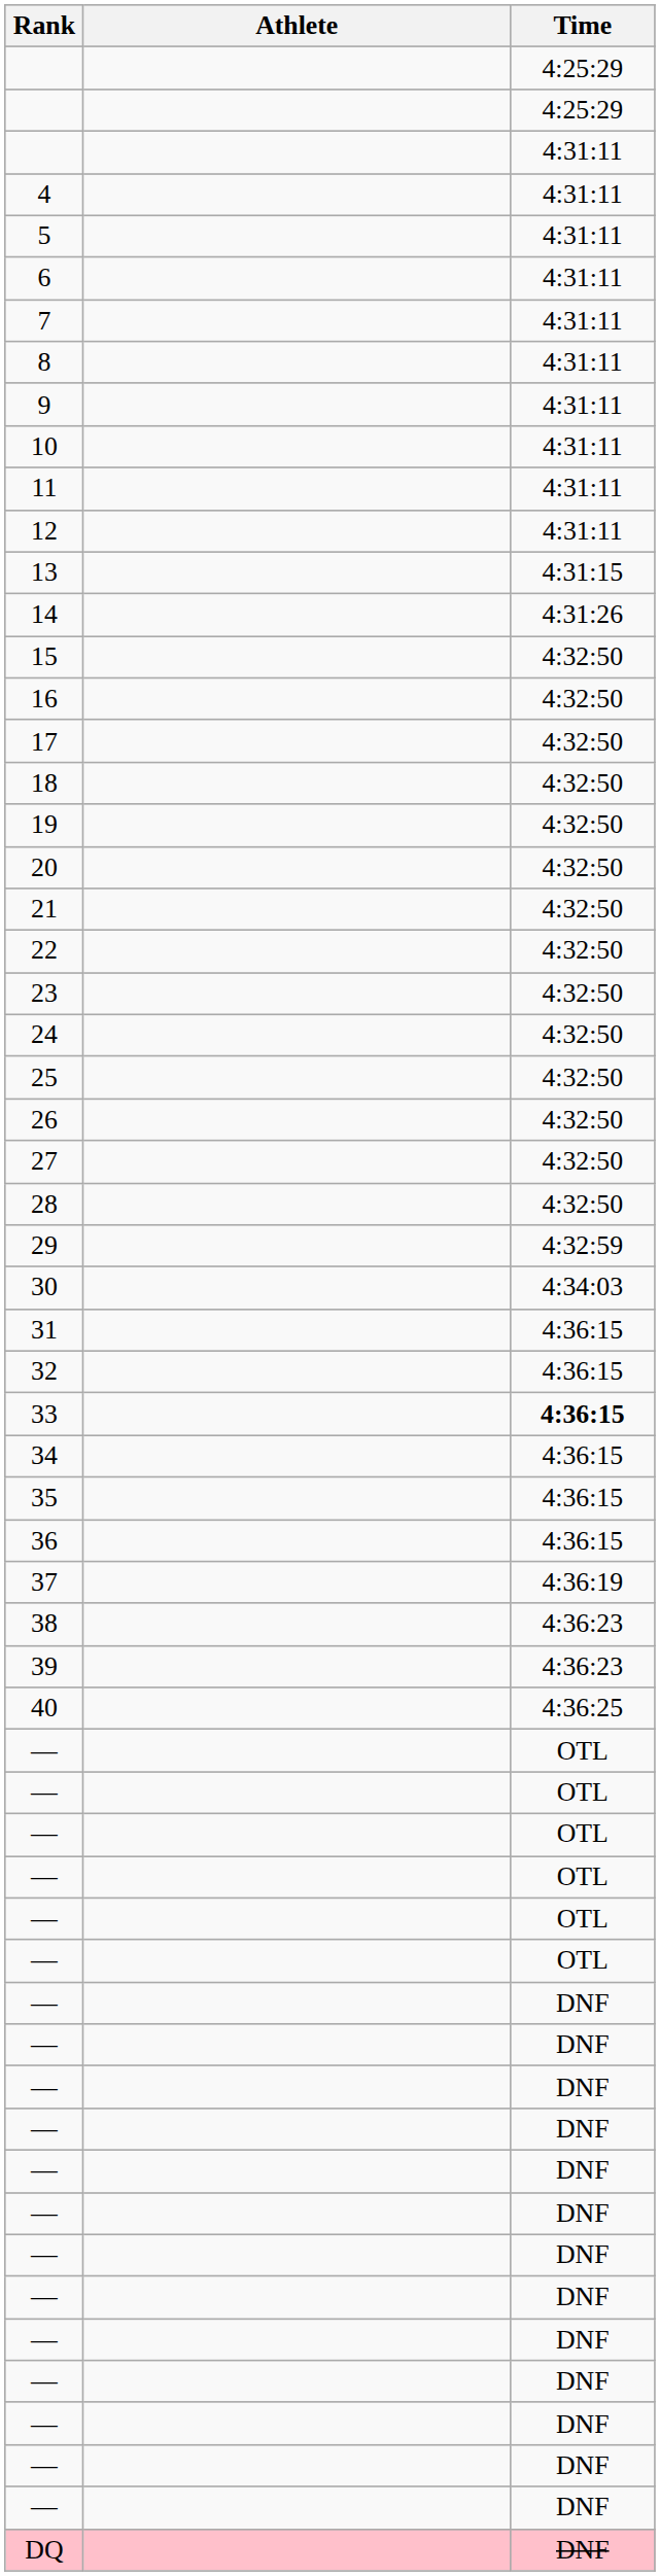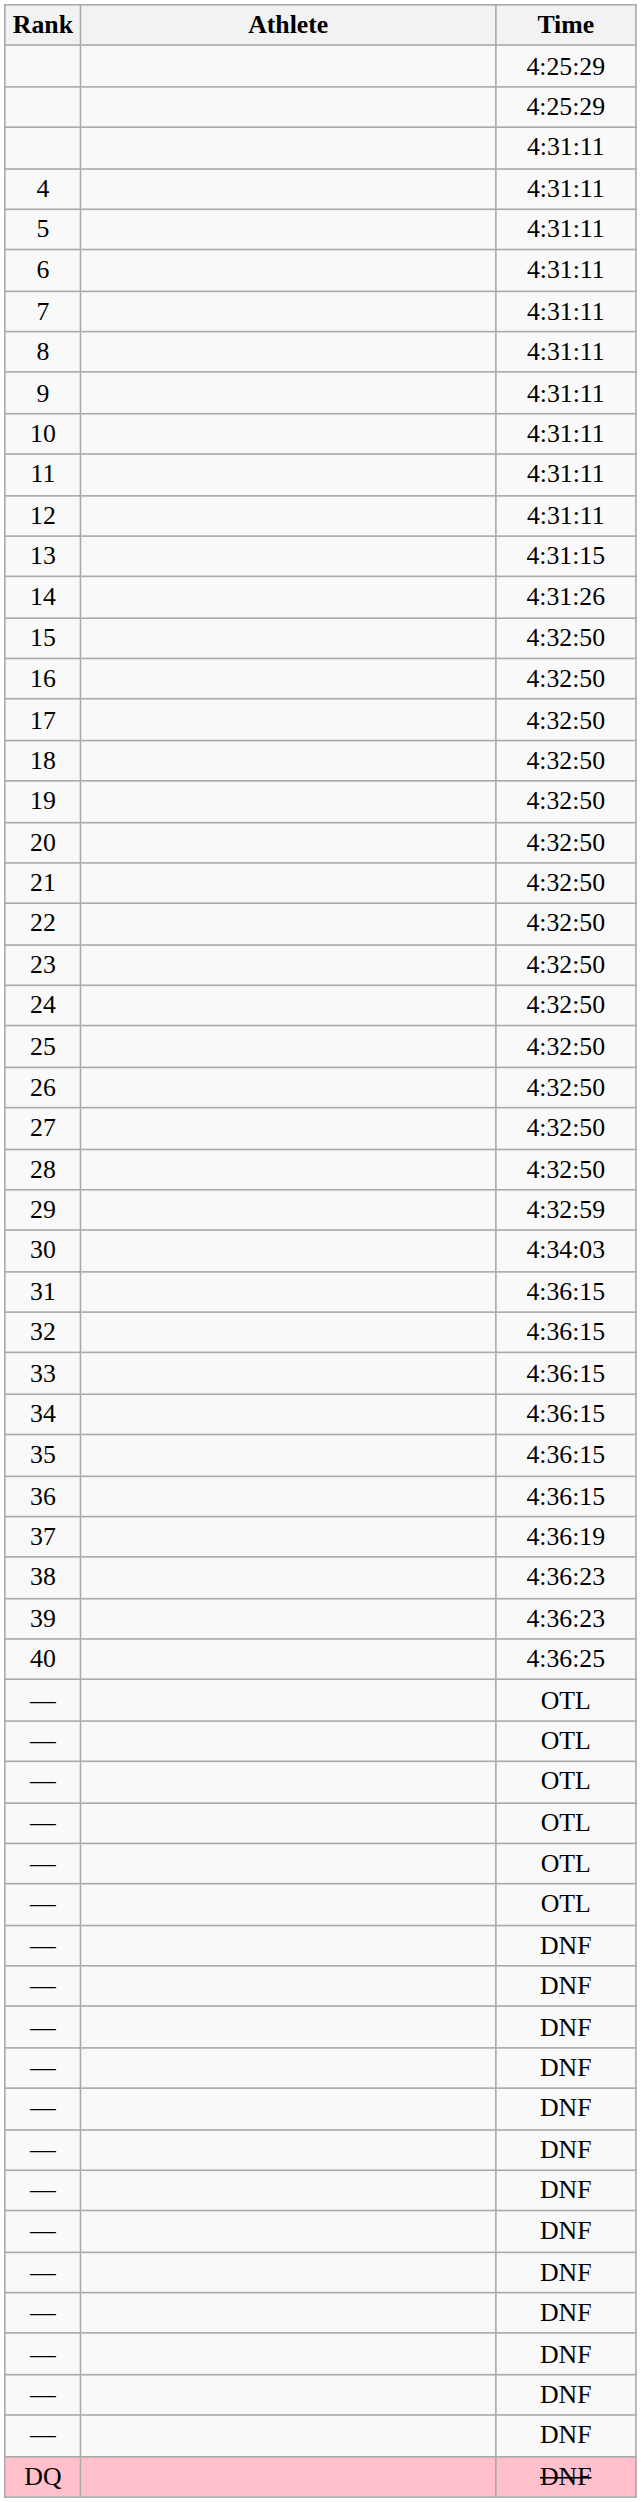 <table class=wikitable sortable| style="text-align:center">
 <tr>
 <th width=40>Rank</th>
 <th width=250>Athlete</th>
 <th width=80>Time</th>
 </tr>
 <tr>
 <td></td>
 <td align=left></td>
 <td>4:25:29</td>
 </tr>
 <tr>
 <td></td>
 <td align=left></td>
 <td>4:25:29</td>
 </tr>
 <tr>
 <td></td>
 <td align=left></td>
 <td>4:31:11</td>
 </tr>
 <tr>
 <td>4</td>
 <td align=left></td>
 <td>4:31:11</td>
 </tr>
 <tr>
 <td>5</td>
 <td align=left></td>
 <td>4:31:11</td>
 </tr>
 <tr>
 <td>6</td>
 <td align=left></td>
 <td>4:31:11</td>
 </tr>
 <tr>
 <td>7</td>
 <td align=left></td>
 <td>4:31:11</td>
 </tr>
 <tr>
 <td>8</td>
 <td align=left></td>
 <td>4:31:11</td>
 </tr>
 <tr>
 <td>9</td>
 <td align=left></td>
 <td>4:31:11</td>
 </tr>
 <tr>
 <td>10</td>
 <td align=left></td>
 <td>4:31:11</td>
 </tr>
 <tr>
 <td>11</td>
 <td align=left></td>
 <td>4:31:11</td>
 </tr>
 <tr>
 <td>12</td>
 <td align=left></td>
 <td>4:31:11</td>
 </tr>
 <tr>
 <td>13</td>
 <td align=left></td>
 <td>4:31:15</td>
 </tr>
 <tr>
 <td>14</td>
 <td align=left></td>
 <td>4:31:26</td>
 </tr>
 <tr>
 <td>15</td>
 <td align=left></td>
 <td>4:32:50</td>
 </tr>
 <tr>
 <td>16</td>
 <td align=left></td>
 <td>4:32:50</td>
 </tr>
 <tr>
 <td>17</td>
 <td align=left></td>
 <td>4:32:50</td>
 </tr>
 <tr>
 <td>18</td>
 <td align=left></td>
 <td>4:32:50</td>
 </tr>
 <tr>
 <td>19</td>
 <td align=left></td>
 <td>4:32:50</td>
 </tr>
 <tr>
 <td>20</td>
 <td align=left></td>
 <td>4:32:50</td>
 </tr>
 <tr>
 <td>21</td>
 <td align=left></td>
 <td>4:32:50</td>
 </tr>
 <tr>
 <td>22</td>
 <td align=left></td>
 <td>4:32:50</td>
 </tr>
 <tr>
 <td>23</td>
 <td align=left></td>
 <td>4:32:50</td>
 </tr>
 <tr>
 <td>24</td>
 <td align=left></td>
 <td>4:32:50</td>
 </tr>
 <tr>
 <td>25</td>
 <td align=left></td>
 <td>4:32:50</td>
 </tr>
 <tr>
 <td>26</td>
 <td align=left></td>
 <td>4:32:50</td>
 </tr>
 <tr>
 <td>27</td>
 <td align=left></td>
 <td>4:32:50</td>
 </tr>
 <tr>
 <td>28</td>
 <td align=left></td>
 <td>4:32:50</td>
 </tr>
 <tr>
 <td>29</td>
 <td align=left></td>
 <td>4:32:59</td>
 </tr>
 <tr>
 <td>30</td>
 <td align=left></td>
 <td>4:34:03</td>
 </tr>
 <tr>
 <td>31</td>
 <td align=left></td>
 <td>4:36:15</td>
 </tr>
 <tr>
 <td>32</td>
 <td align=left></td>
 <td>4:36:15</td>
 </tr>
 <tr>
 <td>33</td>
 <td align=left></td>
-<td><strong>4:36:15</strong></td>
+<td>4:36:15</td>
 </tr>
 <tr>
 <td>34</td>
 <td align=left></td>
 <td>4:36:15</td>
 </tr>
 <tr>
 <td>35</td>
 <td align=left></td>
 <td>4:36:15</td>
 </tr>
 <tr>
 <td>36</td>
 <td align=left></td>
 <td>4:36:15</td>
 </tr>
 <tr>
 <td>37</td>
 <td align=left></td>
 <td>4:36:19</td>
 </tr>
 <tr>
 <td>38</td>
 <td align=left></td>
 <td>4:36:23</td>
 </tr>
 <tr>
 <td>39</td>
 <td align=left></td>
 <td>4:36:23</td>
 </tr>
 <tr>
 <td>40</td>
 <td align=left></td>
 <td>4:36:25</td>
 </tr>
 <tr>
 <td>—</td>
 <td align=left></td>
 <td>OTL</td>
 </tr>
 <tr>
 <td>—</td>
 <td align=left></td>
 <td>OTL</td>
 </tr>
 <tr>
 <td>—</td>
 <td align=left></td>
 <td>OTL</td>
 </tr>
 <tr>
 <td>—</td>
 <td align=left></td>
 <td>OTL</td>
 </tr>
 <tr>
 <td>—</td>
 <td align=left></td>
 <td>OTL</td>
 </tr>
 <tr>
 <td>—</td>
 <td align=left></td>
 <td>OTL</td>
 </tr>
 <tr>
 <td>—</td>
 <td align=left></td>
 <td>DNF</td>
 </tr>
 <tr>
 <td>—</td>
 <td align=left></td>
 <td>DNF</td>
 </tr>
 <tr>
 <td>—</td>
 <td align=left></td>
 <td>DNF</td>
 </tr>
 <tr>
 <td>—</td>
 <td align=left></td>
 <td>DNF</td>
 </tr>
 <tr>
 <td>—</td>
 <td align=left></td>
 <td>DNF</td>
 </tr>
 <tr>
 <td>—</td>
 <td align=left></td>
 <td>DNF</td>
 </tr>
 <tr>
 <td>—</td>
 <td align=left></td>
 <td>DNF</td>
 </tr>
 <tr>
 <td>—</td>
 <td align=left></td>
 <td>DNF</td>
 </tr>
 <tr>
 <td>—</td>
 <td align=left></td>
 <td>DNF</td>
 </tr>
 <tr>
 <td>—</td>
 <td align=left></td>
 <td>DNF</td>
 </tr>
 <tr>
 <td>—</td>
 <td align=left></td>
 <td>DNF</td>
 </tr>
 <tr>
 <td>—</td>
 <td align=left></td>
 <td>DNF</td>
 </tr>
 <tr>
 <td>—</td>
 <td align=left></td>
 <td>DNF</td>
 </tr>
 <tr bgcolor=pink>
 <td>DQ</td>
 <td align=left></td>
 <td><s>DNF</s></td>
 </tr>
 </table>
